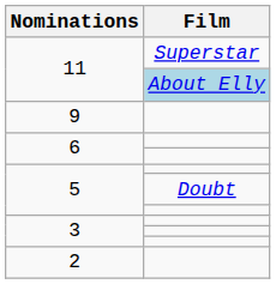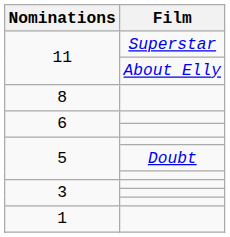 <table class="wikitable" style="text-align:center;">
 <tr>
 <th scope="col">Nominations</th>
 <th scope="col" align="center">Film</th>
 </tr>
 <tr>
 <td rowspan=2 style="text-align:center">11</td>
 <td><em><a href='#'>Superstar</a></em></td>
 </tr>
 <tr>
-<td style="background: lightblue;"><em><a href='#'>About Elly</a></em></td>
+<td><em><a href='#'>About Elly</a></em></td>
 </tr>
 <tr>
-<td style="text-align: center;">9</td>
+<td style="text-align: center;">8</td>
 <td><em></em></td>
 </tr>
 <tr>
 <td rowspan=2 style="text-align: center;">6</td>
 <td><em></em></td>
 </tr>
 <tr>
 <td><em></em></td>
 </tr>
 <tr>
 <td rowspan=3 style="text-align: center;">5</td>
 <td><em></em></td>
 </tr>
 <tr>
 <td><em><a href='#'>Doubt</a></em></td>
 </tr>
 <tr>
 <td><em></em></td>
 </tr>
 <tr>
 <td rowspan=3 style="text-align: center;">3</td>
 <td><em></em></td>
 </tr>
 <tr>
 <td><em></em></td>
 </tr>
 <tr>
 <td><em></em></td>
 </tr>
 <tr>
-<td style="text-align: center;">2</td>
+<td style="text-align: center;">1</td>
 <td><em></em></td>
 </tr>
 </table>
